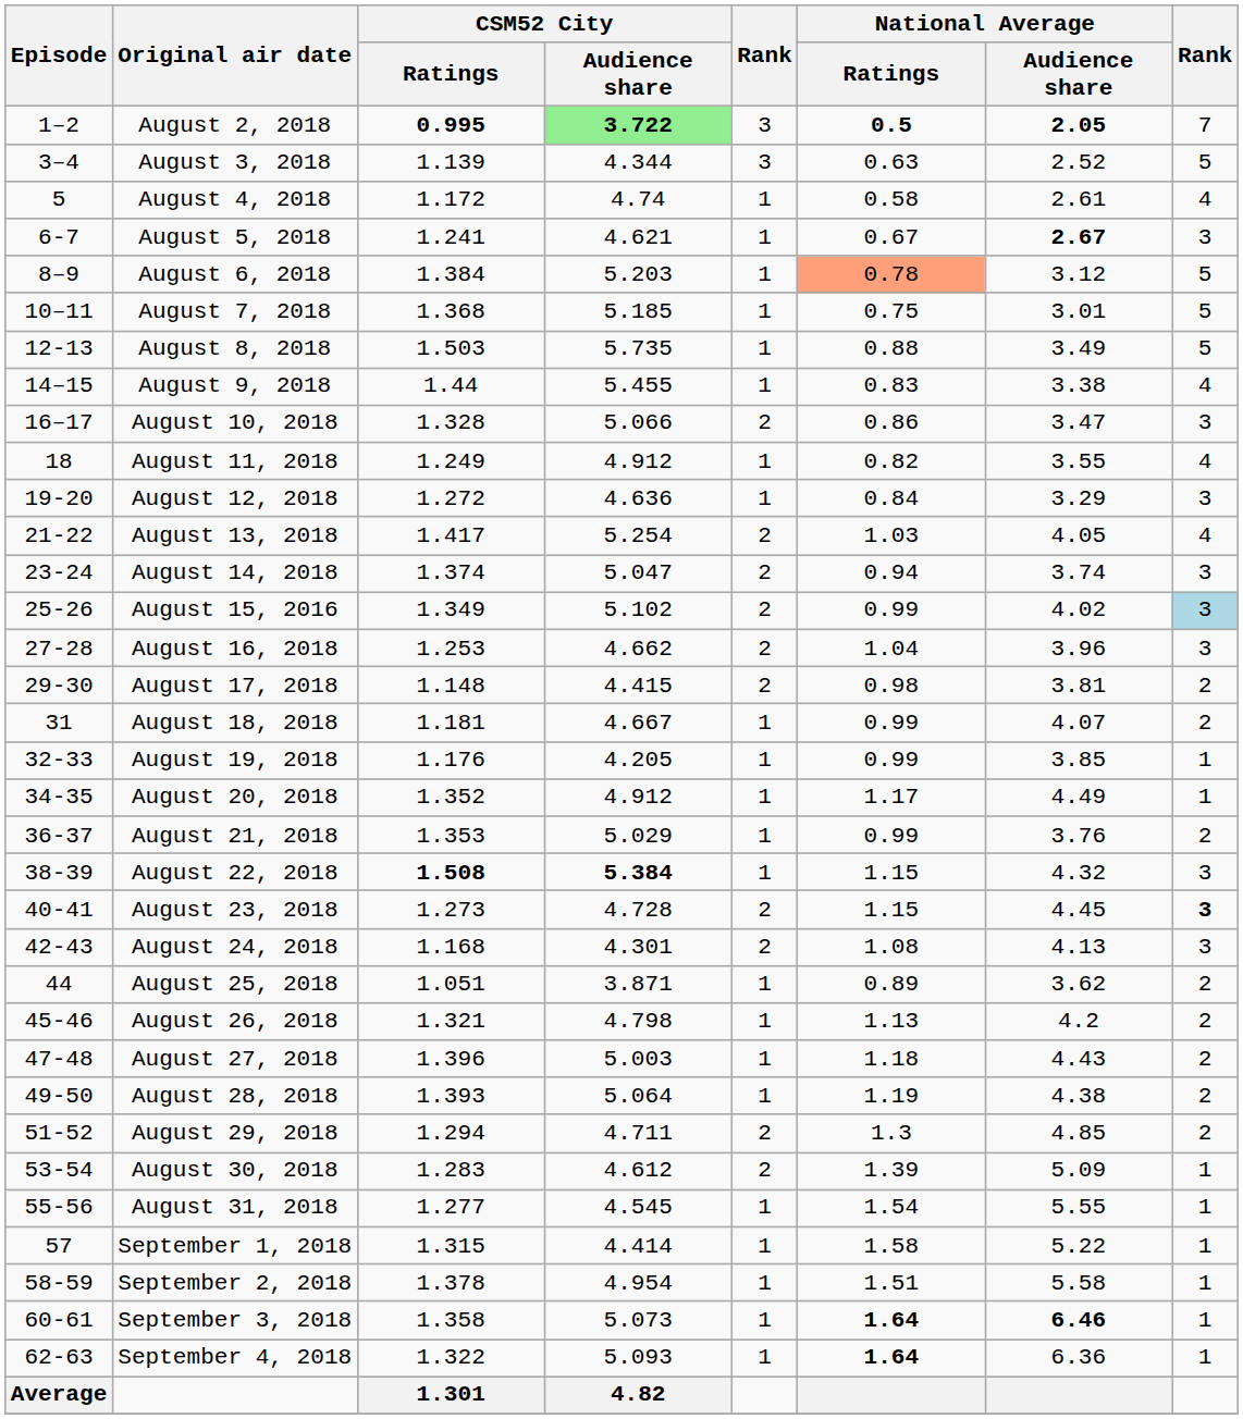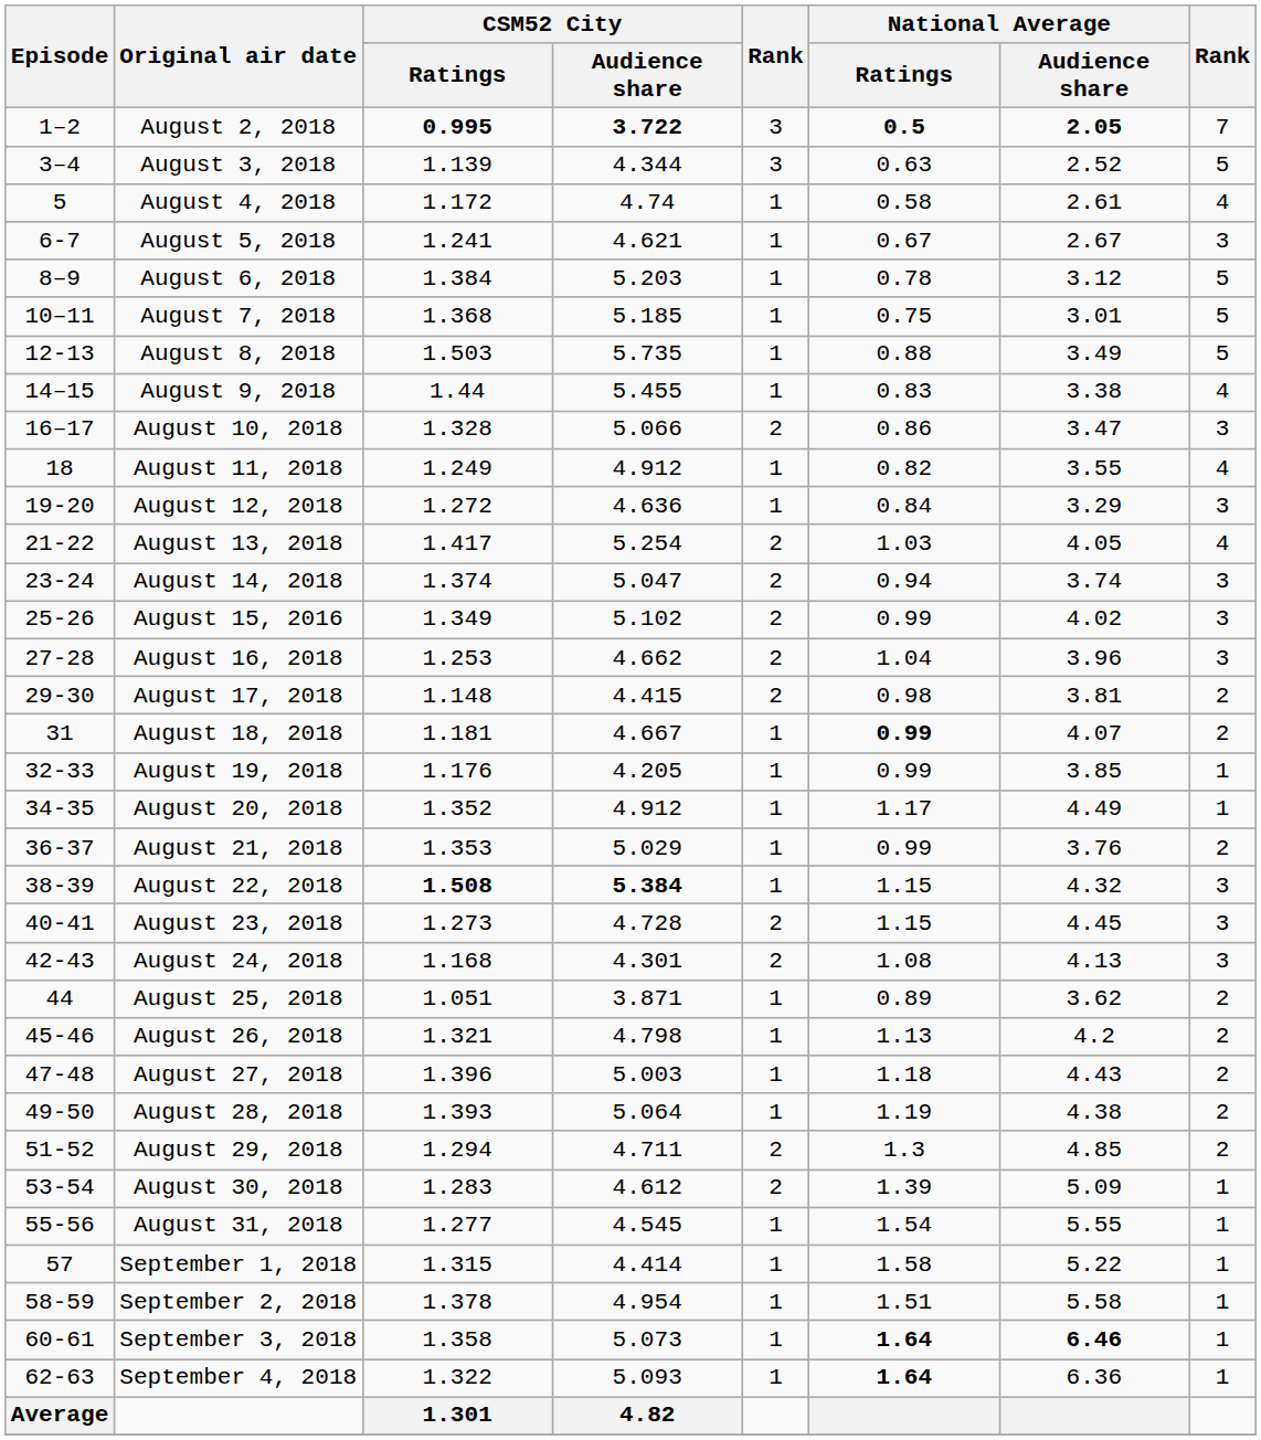 <table class="wikitable sortable mw-collapsible" style="text-align:center" data-ve-attributes="{">
 <tr>
 <th rowspan="2">Episode</th>
 <th rowspan="2">Original air date</th>
 <th colspan="2">CSM52 City</th>
 <th rowspan="2">Rank</th>
 <th colspan="2">National Average</th>
 <th rowspan="2">Rank</th>
 </tr>
 <tr>
 <th width="100">Ratings</th>
 <th width="100">Audience share</th>
 <th width="100">Ratings</th>
 <th width="100">Audience share</th>
 </tr>
 <tr>
 <td>1–2</td>
 <td>August 2, 2018</td>
 <td><strong><span>0.995</span></strong></td>
-<td style="background: lightgreen;"><strong><span>3.722</span></strong></td>
+<td><strong><span>3.722</span></strong></td>
 <td>3</td>
 <td><strong><span>0.5</span></strong></td>
 <td><strong><span>2.05</span></strong></td>
 <td>7</td>
 </tr>
 <tr>
 <td>3–4</td>
 <td>August 3, 2018</td>
 <td>1.139</td>
 <td>4.344</td>
 <td>3</td>
 <td>0.63</td>
 <td>2.52</td>
 <td>5</td>
 </tr>
 <tr>
 <td>5</td>
 <td>August 4, 2018</td>
 <td>1.172</td>
 <td>4.74</td>
 <td>1</td>
 <td>0.58</td>
 <td>2.61</td>
 <td>4</td>
 </tr>
 <tr>
 <td>6-7</td>
 <td>August 5, 2018</td>
 <td>1.241</td>
 <td>4.621</td>
 <td>1</td>
 <td>0.67</td>
-<td><strong>2.67</strong></td>
+<td>2.67</td>
 <td>3</td>
 </tr>
 <tr>
 <td>8–9</td>
 <td>August 6, 2018</td>
 <td>1.384</td>
 <td>5.203</td>
 <td>1</td>
-<td style="background: lightsalmon;">0.78</td>
+<td>0.78</td>
 <td>3.12</td>
 <td>5</td>
 </tr>
 <tr>
 <td>10–11</td>
 <td>August 7, 2018</td>
 <td>1.368</td>
 <td>5.185</td>
 <td>1</td>
 <td>0.75</td>
 <td>3.01</td>
 <td>5</td>
 </tr>
 <tr>
 <td>12-13</td>
 <td>August 8, 2018</td>
 <td>1.503</td>
 <td>5.735</td>
 <td>1</td>
 <td>0.88</td>
 <td>3.49</td>
 <td>5</td>
 </tr>
 <tr>
 <td>14–15</td>
 <td>August 9, 2018</td>
 <td>1.44</td>
 <td>5.455</td>
 <td>1</td>
 <td>0.83</td>
 <td>3.38</td>
 <td>4</td>
 </tr>
 <tr>
 <td>16–17</td>
 <td>August 10, 2018</td>
 <td>1.328</td>
 <td>5.066</td>
 <td>2</td>
 <td>0.86</td>
 <td>3.47</td>
 <td>3</td>
 </tr>
 <tr>
 <td>18</td>
 <td>August 11, 2018</td>
 <td>1.249</td>
 <td>4.912</td>
 <td>1</td>
 <td>0.82</td>
 <td>3.55</td>
 <td>4</td>
 </tr>
 <tr>
 <td>19-20</td>
 <td>August 12, 2018</td>
 <td>1.272</td>
 <td>4.636</td>
 <td>1</td>
 <td>0.84</td>
 <td>3.29</td>
 <td>3</td>
 </tr>
 <tr>
 <td>21-22</td>
 <td>August 13, 2018</td>
 <td>1.417</td>
 <td>5.254</td>
 <td>2</td>
 <td>1.03</td>
 <td>4.05</td>
 <td>4</td>
 </tr>
 <tr>
 <td>23-24</td>
 <td>August 14, 2018</td>
 <td>1.374</td>
 <td>5.047</td>
 <td>2</td>
 <td>0.94</td>
 <td>3.74</td>
 <td>3</td>
 </tr>
 <tr>
 <td>25-26</td>
 <td>August 15, 2016</td>
 <td>1.349</td>
 <td>5.102</td>
 <td>2</td>
 <td>0.99</td>
 <td>4.02</td>
-<td style="background: lightblue;">3</td>
+<td>3</td>
 </tr>
 <tr>
 <td>27-28</td>
 <td>August 16, 2018</td>
 <td>1.253</td>
 <td>4.662</td>
 <td>2</td>
 <td>1.04</td>
 <td>3.96</td>
 <td>3</td>
 </tr>
 <tr>
 <td>29-30</td>
 <td>August 17, 2018</td>
 <td>1.148</td>
 <td>4.415</td>
 <td>2</td>
 <td>0.98</td>
 <td>3.81</td>
 <td>2</td>
 </tr>
 <tr>
 <td>31</td>
 <td>August 18, 2018</td>
 <td>1.181</td>
 <td>4.667</td>
 <td>1</td>
-<td>0.99</td>
+<td><strong>0.99</strong></td>
 <td>4.07</td>
 <td>2</td>
 </tr>
 <tr>
 <td>32-33</td>
 <td>August 19, 2018</td>
 <td>1.176</td>
 <td>4.205</td>
 <td>1</td>
 <td>0.99</td>
 <td>3.85</td>
 <td>1</td>
 </tr>
 <tr>
 <td>34-35</td>
 <td>August 20, 2018</td>
 <td>1.352</td>
 <td>4.912</td>
 <td>1</td>
 <td>1.17</td>
 <td>4.49</td>
 <td>1</td>
 </tr>
 <tr>
 <td>36-37</td>
 <td>August 21, 2018</td>
 <td>1.353</td>
 <td>5.029</td>
 <td>1</td>
 <td>0.99</td>
 <td>3.76</td>
 <td>2</td>
 </tr>
 <tr>
 <td>38-39</td>
 <td>August 22, 2018</td>
 <td><strong><span>1.508</span></strong></td>
 <td><strong><span>5.384</span></strong></td>
 <td>1</td>
 <td>1.15</td>
 <td>4.32</td>
 <td>3</td>
 </tr>
 <tr>
 <td>40-41</td>
 <td>August 23, 2018</td>
 <td>1.273</td>
 <td>4.728</td>
 <td>2</td>
 <td>1.15</td>
 <td>4.45</td>
-<td><strong>3</strong></td>
+<td>3</td>
 </tr>
 <tr>
 <td>42-43</td>
 <td>August 24, 2018</td>
 <td>1.168</td>
 <td>4.301</td>
 <td>2</td>
 <td>1.08</td>
 <td>4.13</td>
 <td>3</td>
 </tr>
 <tr>
 <td>44</td>
 <td>August 25, 2018</td>
 <td>1.051</td>
 <td>3.871</td>
 <td>1</td>
 <td>0.89</td>
 <td>3.62</td>
 <td>2</td>
 </tr>
 <tr>
 <td>45-46</td>
 <td>August 26, 2018</td>
 <td>1.321</td>
 <td>4.798</td>
 <td>1</td>
 <td>1.13</td>
 <td>4.2</td>
 <td>2</td>
 </tr>
 <tr>
 <td>47-48</td>
 <td>August 27, 2018</td>
 <td>1.396</td>
 <td>5.003</td>
 <td>1</td>
 <td>1.18</td>
 <td>4.43</td>
 <td>2</td>
 </tr>
 <tr>
 <td>49-50</td>
 <td>August 28, 2018</td>
 <td>1.393</td>
 <td>5.064</td>
 <td>1</td>
 <td>1.19</td>
 <td>4.38</td>
 <td>2</td>
 </tr>
 <tr>
 <td>51-52</td>
 <td>August 29, 2018</td>
 <td>1.294</td>
 <td>4.711</td>
 <td>2</td>
 <td>1.3</td>
 <td>4.85</td>
 <td>2</td>
 </tr>
 <tr>
 <td>53-54</td>
 <td>August 30, 2018</td>
 <td>1.283</td>
 <td>4.612</td>
 <td>2</td>
 <td>1.39</td>
 <td>5.09</td>
 <td>1</td>
 </tr>
 <tr>
 <td>55-56</td>
 <td>August 31, 2018</td>
 <td>1.277</td>
 <td>4.545</td>
 <td>1</td>
 <td>1.54</td>
 <td>5.55</td>
 <td>1</td>
 </tr>
 <tr>
 <td>57</td>
 <td>September 1, 2018</td>
 <td>1.315</td>
 <td>4.414</td>
 <td>1</td>
 <td>1.58</td>
 <td>5.22</td>
 <td>1</td>
 </tr>
 <tr>
 <td>58-59</td>
 <td>September 2, 2018</td>
 <td>1.378</td>
 <td>4.954</td>
 <td>1</td>
 <td>1.51</td>
 <td>5.58</td>
 <td>1</td>
 </tr>
 <tr>
 <td>60-61</td>
 <td>September 3, 2018</td>
 <td>1.358</td>
 <td>5.073</td>
 <td>1</td>
 <td><strong><span>1.64</span></strong></td>
 <td><strong><span>6.46</span></strong></td>
 <td>1</td>
 </tr>
 <tr>
 <td>62-63</td>
 <td>September 4, 2018</td>
 <td>1.322</td>
 <td>5.093</td>
 <td>1</td>
 <td><strong><span>1.64</span></strong></td>
 <td>6.36</td>
 <td>1</td>
 </tr>
 <tr>
 <th>Average</th>
 <td></td>
 <th>1.301</th>
 <th>4.82</th>
 <td></td>
 <th></th>
 <th></th>
 <td></td>
 </tr>
 <tr>
 </tr>
 </table>
